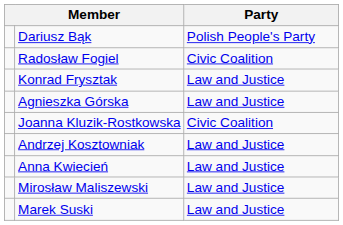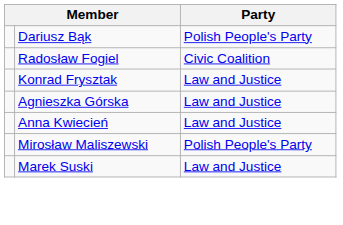 <table class="wikitable">
 <tr>
 <th width=200px colspan=2>Member</th>
 <th width=175px>Party</th>
 </tr>
 <tr>
 <td width=5px style="background-color: "></td>
 <td><a href='#'>Dariusz Bąk</a></td>
 <td><a href='#'>Polish People's Party</a></td>
 </tr>
 <tr>
 <td style="background-color: "></td>
 <td><a href='#'>Radosław Fogiel</a></td>
 <td><a href='#'>Civic Coalition</a></td>
 </tr>
 <tr>
 <td style="background-color: "></td>
 <td><a href='#'>Konrad Frysztak</a></td>
 <td><a href='#'>Law and Justice</a></td>
 </tr>
 <tr>
 <td style="background-color: "></td>
 <td><a href='#'>Agnieszka Górska</a></td>
 <td><a href='#'>Law and Justice</a></td>
 </tr>
 <tr>
 <td style="background-color: "></td>
-<td><a href='#'>Joanna Kluzik-Rostkowska</a></td>
-<td><a href='#'>Civic Coalition</a></td>
-</tr>
-<tr>
-<td style="background-color: "></td>
-<td><a href='#'>Andrzej Kosztowniak</a></td>
-<td><a href='#'>Law and Justice</a></td>
-</tr>
-<tr>
-<td style="background-color: "></td>
 <td><a href='#'>Anna Kwiecień</a></td>
 <td><a href='#'>Law and Justice</a></td>
 </tr>
 <tr>
 <td style="background-color: "></td>
 <td><a href='#'>Mirosław Maliszewski</a></td>
-<td><a href='#'>Law and Justice</a></td>
+<td><a href='#'>Polish People's Party</a></td>
 </tr>
 <tr>
 <td style="background-color: "></td>
 <td><a href='#'>Marek Suski</a></td>
 <td><a href='#'>Law and Justice</a></td>
 </tr>
 </table>
